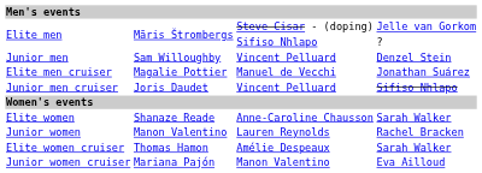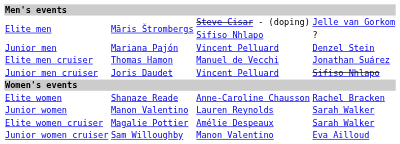 <table>
 <tr bgcolor="#cccccc">
 <td colspan=7><strong>Men's events</strong></td>
 </tr>
 <tr>
 <td rowspan=2><a href='#'>Elite men</a><br></td>
 <td rowspan=2><a href='#'>Māris Štrombergs</a><br><small></small></td>
 <td><s><a href='#'>Steve Cisar</a></s> - (doping) <br><s><small></small></s></td>
 <td><a href='#'>Jelle van Gorkom</a><br><small></small></td>
 </tr>
 <tr>
 <td><a href='#'>Sifiso Nhlapo</a><br><small></small></td>
 <td>?</td>
 </tr>
 <tr>
 <td><a href='#'>Junior men</a><br></td>
-<td><a href='#'>Sam Willoughby</a><br><small></small></td>
+<td><a href='#'>Mariana Pajón</a><br><small></small></td>
 <td><a href='#'>Vincent Pelluard</a><br><small></small></td>
 <td><a href='#'>Denzel Stein</a><br><small></small></td>
 </tr>
 <tr>
 <td><a href='#'>Elite men cruiser</a><br></td>
-<td><a href='#'>Magalie Pottier</a><br><small></small></td>
+<td><a href='#'>Thomas Hamon</a><br><small></small></td>
 <td><a href='#'>Manuel de Vecchi</a><br><small></small></td>
 <td><a href='#'>Jonathan Suárez</a><br><small></small></td>
 </tr>
 <tr>
 <td><a href='#'>Junior men cruiser</a><br></td>
 <td><a href='#'>Joris Daudet</a><br><small></small></td>
 <td><a href='#'>Vincent Pelluard</a><br><small></small></td>
 <td><s><a href='#'>Sifiso Nhlapo</a><br><small></small></s></td>
 </tr>
 <tr bgcolor="#cccccc">
 <td colspan=7><strong>Women's events</strong></td>
 </tr>
 <tr>
 <td><a href='#'>Elite women</a><br></td>
 <td><a href='#'>Shanaze Reade</a><br><small></small></td>
 <td><a href='#'>Anne-Caroline Chausson</a><br><small></small></td>
-<td><a href='#'>Sarah Walker</a><br><small></small></td>
+<td><a href='#'>Rachel Bracken</a><br><small></small></td>
 </tr>
 <tr>
 <td><a href='#'>Junior women</a><br></td>
 <td><a href='#'>Manon Valentino</a><br><small></small></td>
 <td><a href='#'>Lauren Reynolds</a><br><small></small></td>
-<td><a href='#'>Rachel Bracken</a><br><small></small></td>
+<td><a href='#'>Sarah Walker</a><br><small></small></td>
 </tr>
 <tr>
 <td><a href='#'>Elite women cruiser</a><br></td>
-<td><a href='#'>Thomas Hamon</a><br><small></small></td>
+<td><a href='#'>Magalie Pottier</a><br><small></small></td>
 <td><a href='#'>Amélie Despeaux</a><br><small></small></td>
 <td><a href='#'>Sarah Walker</a><br><small></small></td>
 </tr>
 <tr>
 <td><a href='#'>Junior women cruiser</a><br></td>
-<td><a href='#'>Mariana Pajón</a><br><small></small></td>
+<td><a href='#'>Sam Willoughby</a><br><small></small></td>
 <td><a href='#'>Manon Valentino</a><br><small></small></td>
 <td><a href='#'>Eva Ailloud</a><br><small></small></td>
 </tr>
 <tr>
 </tr>
 </table>
